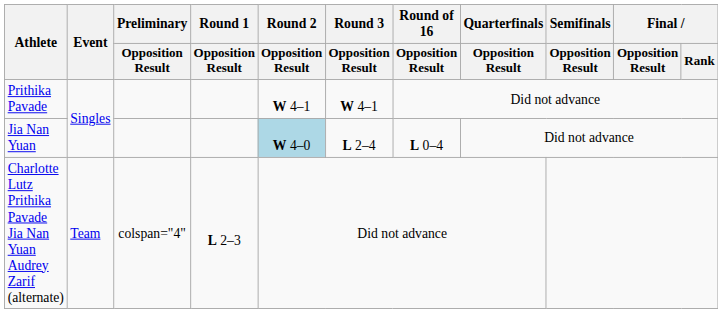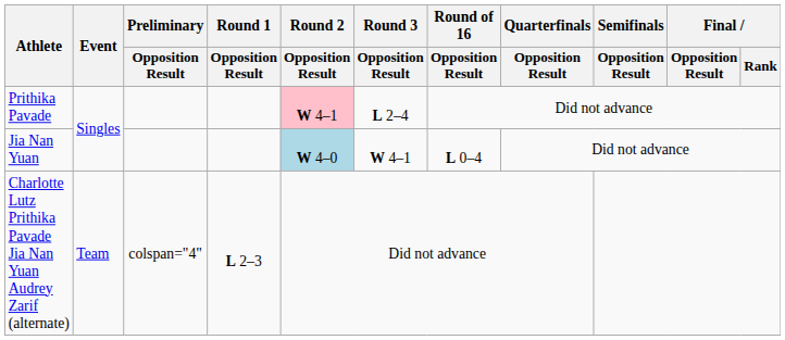 <table class="wikitable" style="font-size:90%;">
 <tr>
 <th rowspan=2>Athlete</th>
 <th rowspan=2>Event</th>
 <th>Preliminary</th>
 <th>Round 1</th>
 <th>Round 2</th>
 <th>Round 3</th>
 <th>Round of 16</th>
 <th>Quarterfinals</th>
 <th>Semifinals</th>
 <th colspan=2>Final / </th>
 </tr>
 <tr style="font-size:95%">
 <th>Opposition<br>Result</th>
 <th>Opposition<br>Result</th>
 <th>Opposition<br>Result</th>
 <th>Opposition<br>Result</th>
 <th>Opposition<br>Result</th>
 <th>Opposition<br>Result</th>
 <th>Opposition<br>Result</th>
 <th>Opposition<br>Result</th>
 <th>Rank</th>
 </tr>
 <tr align=center>
 <td align=left><a href='#'>Prithika Pavade</a></td>
 <td align=left rowspan=2><a href='#'>Singles</a></td>
 <td></td>
 <td></td>
-<td><br> <strong>W</strong> 4–1</td>
-<td><br> <strong>W</strong> 4–1</td>
+<td style="background: pink;"><br> <strong>W</strong> 4–1</td>
+<td><br><strong>L</strong> 2–4</td>
 <td colspan=5>Did not advance</td>
 </tr>
 <tr align=center>
 <td align=left><a href='#'>Jia Nan Yuan</a></td>
 <td></td>
 <td></td>
 <td style="background: lightblue;"><br> <strong>W</strong> 4–0</td>
-<td><br><strong>L</strong> 2–4</td>
+<td><br> <strong>W</strong> 4–1</td>
 <td><br><strong>L</strong> 0–4</td>
 <td colspan=4>Did not advance</td>
 </tr>
 <tr align=center>
 <td align=left><a href='#'>Charlotte Lutz</a><br><a href='#'>Prithika Pavade</a><br><a href='#'>Jia Nan Yuan</a><br><a href='#'>Audrey Zarif</a> (alternate)</td>
 <td align=left><a href='#'>Team</a></td>
 <td>colspan="4" </td>
 <td><br><strong>L</strong> 2–3</td>
 <td colspan=4>Did not advance</td>
 </tr>
 </table>
